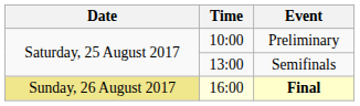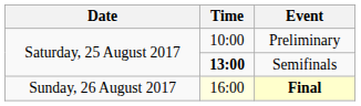 <table class="wikitable" style="text-align:center;">
 <tr>
 <th width="200">Date</th>
 <th width="50">Time</th>
 <th width="100">Event</th>
 </tr>
 <tr>
 <td rowspan="2">Saturday, 25 August 2017</td>
 <td>10:00</td>
 <td>Preliminary</td>
 </tr>
 <tr>
-<td>13:00</td>
+<td><strong>13:00</strong></td>
 <td>Semifinals</td>
 </tr>
 <tr>
-<td style="background: khaki;">Sunday, 26 August 2017</td>
+<td>Sunday, 26 August 2017</td>
 <td style="background: lightyellow;">16:00</td>
 <td bgcolor="ffffcc"><strong>Final</strong></td>
 </tr>
 </table>
